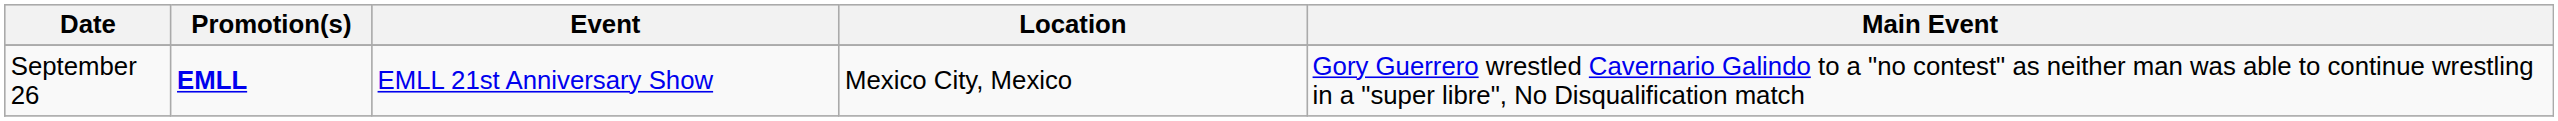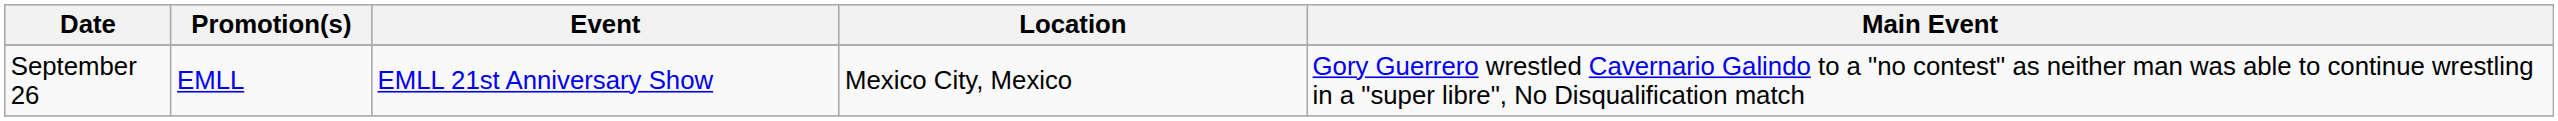 <table class="wikitable" style="width:100%;">
 <tr>
 <th width=5%>Date</th>
 <th width=5%>Promotion(s)</th>
 <th style="width:15%;">Event</th>
 <th style="width:15%;">Location</th>
 <th style="width:40%;">Main Event</th>
 </tr>
 <tr style="width:20%;"| Notes>
 </tr>
 <tr>
 <td>September 26</td>
-<td><strong><a href='#'>EMLL</a></strong></td>
+<td><a href='#'>EMLL</a></td>
 <td><a href='#'>EMLL 21st Anniversary Show</a></td>
 <td>Mexico City, Mexico</td>
 <td><a href='#'>Gory Guerrero</a> wrestled <a href='#'>Cavernario Galindo</a> to a "no contest" as neither man was able to continue wrestling in a "super libre", No Disqualification match</td>
 </tr>
 </table>
